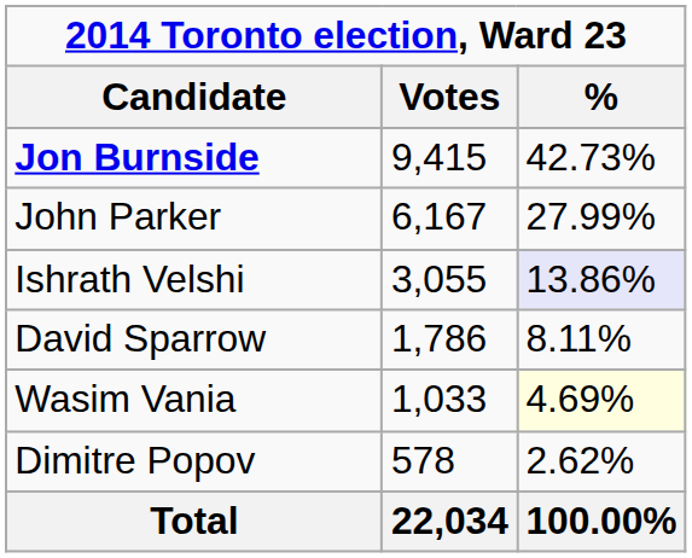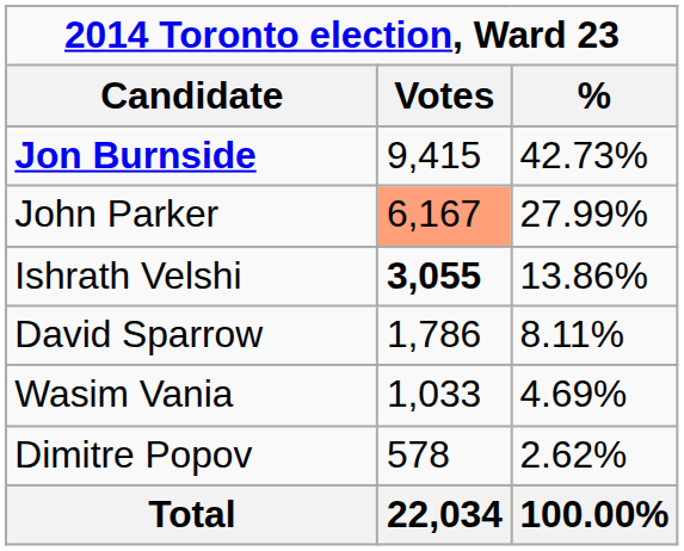 <table class="wikitable">
 <tr>
 <td Colspan="3" align="center"><strong><a href='#'>2014 Toronto election</a>, Ward 23</strong></td>
 </tr>
 <tr>
 <th bgcolor="#DDDDFF" width="150px">Candidate</th>
 <th bgcolor="#DDDDFF">Votes</th>
 <th bgcolor="#DDDDFF">%</th>
 </tr>
 <tr>
 <td><strong><a href='#'>Jon Burnside</a></strong></td>
 <td>9,415</td>
 <td>42.73%</td>
 </tr>
 <tr>
 <td>John Parker</td>
-<td>6,167</td>
+<td style="background: lightsalmon;">6,167</td>
 <td>27.99%</td>
 </tr>
 <tr>
 <td>Ishrath Velshi</td>
-<td>3,055</td>
-<td style="background: lavender;">13.86%</td>
+<td><strong>3,055</strong></td>
+<td>13.86%</td>
 </tr>
 <tr>
 <td>David Sparrow</td>
 <td>1,786</td>
 <td>8.11%</td>
 </tr>
 <tr>
 <td>Wasim Vania</td>
 <td>1,033</td>
-<td style="background: lightyellow;">4.69%</td>
+<td>4.69%</td>
 </tr>
 <tr>
 <td>Dimitre Popov</td>
 <td>578</td>
 <td>2.62%</td>
 </tr>
 <tr>
 <th>Total</th>
 <th>22,034</th>
 <th>100.00%</th>
 </tr>
 </table>
